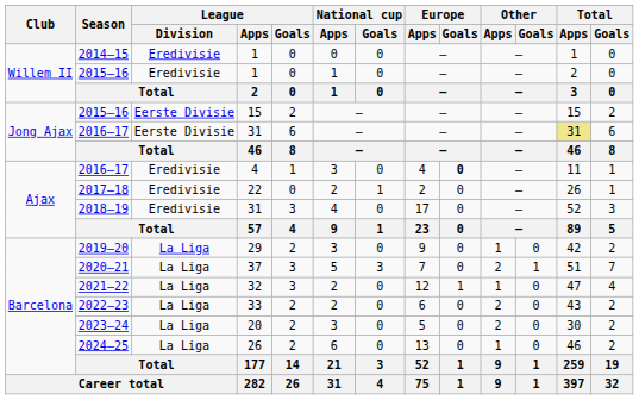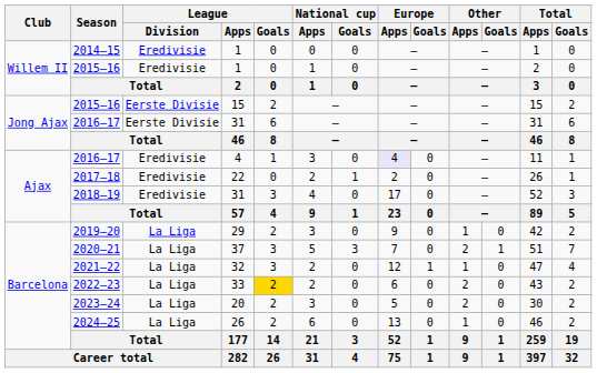 <table class="wikitable" style="text-align:center">
 <tr>
 <th rowspan="2">Club</th>
 <th rowspan="2">Season</th>
 <th colspan="3">League</th>
 <th colspan="2">National cup</th>
 <th colspan="2">Europe</th>
 <th colspan="2">Other</th>
 <th colspan="2">Total</th>
 </tr>
 <tr>
 <th>Division</th>
 <th>Apps</th>
 <th>Goals</th>
 <th>Apps</th>
 <th>Goals</th>
 <th>Apps</th>
 <th>Goals</th>
 <th>Apps</th>
 <th>Goals</th>
 <th>Apps</th>
 <th>Goals</th>
 </tr>
 <tr>
 <td rowspan="3"><a href='#'>Willem II</a></td>
 <td><a href='#'>2014–15</a></td>
 <td><a href='#'>Eredivisie</a></td>
 <td>1</td>
 <td>0</td>
 <td>0</td>
 <td>0</td>
 <td colspan="2">—</td>
 <td colspan="2">—</td>
 <td>1</td>
 <td>0</td>
 </tr>
 <tr>
 <td><a href='#'>2015–16</a></td>
 <td>Eredivisie</td>
 <td>1</td>
 <td>0</td>
 <td>1</td>
 <td>0</td>
 <td colspan="2">—</td>
 <td colspan="2">—</td>
 <td>2</td>
 <td>0</td>
 </tr>
 <tr>
 <th colspan="2">Total</th>
 <th>2</th>
 <th>0</th>
 <th>1</th>
 <th>0</th>
 <th colspan="2">—</th>
 <th colspan="2">—</th>
 <th>3</th>
 <th>0</th>
 </tr>
 <tr>
 <td rowspan="3"><a href='#'>Jong Ajax</a></td>
 <td><a href='#'>2015–16</a></td>
 <td><a href='#'>Eerste Divisie</a></td>
 <td>15</td>
 <td>2</td>
 <td colspan="2">—</td>
 <td colspan="2">—</td>
 <td colspan="2">—</td>
 <td>15</td>
 <td>2</td>
 </tr>
 <tr>
 <td><a href='#'>2016–17</a></td>
 <td>Eerste Divisie</td>
 <td>31</td>
 <td>6</td>
 <td colspan="2">—</td>
 <td colspan="2">—</td>
 <td colspan="2">—</td>
-<td style="background: khaki;">31</td>
+<td>31</td>
 <td>6</td>
 </tr>
 <tr>
 <th colspan="2">Total</th>
 <th>46</th>
 <th>8</th>
 <th colspan="2">—</th>
 <th colspan="2">—</th>
 <th colspan="2">—</th>
 <th>46</th>
 <th>8</th>
 </tr>
 <tr>
 <td rowspan="4"><a href='#'>Ajax</a></td>
 <td><a href='#'>2016–17</a></td>
 <td>Eredivisie</td>
 <td>4</td>
 <td>1</td>
 <td>3</td>
 <td>0</td>
-<td>4</td>
-<td><strong>0</strong></td>
+<td style="background: lavender;">4</td>
+<td>0</td>
 <td colspan="2">—</td>
 <td>11</td>
 <td>1</td>
 </tr>
 <tr>
 <td><a href='#'>2017–18</a></td>
 <td>Eredivisie</td>
 <td>22</td>
 <td>0</td>
 <td>2</td>
 <td>1</td>
 <td>2</td>
 <td>0</td>
 <td colspan="2">—</td>
 <td>26</td>
 <td>1</td>
 </tr>
 <tr>
 <td><a href='#'>2018–19</a></td>
 <td>Eredivisie</td>
 <td>31</td>
 <td>3</td>
 <td>4</td>
 <td>0</td>
 <td>17</td>
 <td>0</td>
 <td colspan="2">—</td>
 <td>52</td>
 <td>3</td>
 </tr>
 <tr>
 <th colspan="2">Total</th>
 <th>57</th>
 <th>4</th>
 <th>9</th>
 <th>1</th>
 <th>23</th>
 <th>0</th>
 <th colspan="2">—</th>
 <th>89</th>
 <th>5</th>
 </tr>
 <tr>
 <td rowspan="7"><a href='#'>Barcelona</a></td>
 <td><a href='#'>2019–20</a></td>
 <td><a href='#'>La Liga</a></td>
 <td>29</td>
 <td>2</td>
 <td>3</td>
 <td>0</td>
 <td>9</td>
 <td>0</td>
 <td>1</td>
 <td>0</td>
 <td>42</td>
 <td>2</td>
 </tr>
 <tr>
 <td><a href='#'>2020–21</a></td>
 <td>La Liga</td>
 <td>37</td>
 <td>3</td>
 <td>5</td>
 <td>3</td>
 <td>7</td>
 <td>0</td>
 <td>2</td>
 <td>1</td>
 <td>51</td>
 <td>7</td>
 </tr>
 <tr>
 <td><a href='#'>2021–22</a></td>
 <td>La Liga</td>
 <td>32</td>
 <td>3</td>
 <td>2</td>
 <td>0</td>
 <td>12</td>
 <td>1</td>
 <td>1</td>
 <td>0</td>
 <td>47</td>
 <td>4</td>
 </tr>
 <tr>
 <td><a href='#'>2022–23</a></td>
 <td>La Liga</td>
 <td>33</td>
-<td>2</td>
+<td style="background: gold;">2</td>
 <td>2</td>
 <td>0</td>
 <td>6</td>
 <td>0</td>
 <td>2</td>
 <td>0</td>
 <td>43</td>
 <td>2</td>
 </tr>
 <tr>
 <td><a href='#'>2023–24</a></td>
 <td>La Liga</td>
 <td>20</td>
 <td>2</td>
 <td>3</td>
 <td>0</td>
 <td>5</td>
 <td>0</td>
 <td>2</td>
 <td>0</td>
 <td>30</td>
 <td>2</td>
 </tr>
 <tr>
 <td><a href='#'>2024–25</a></td>
 <td>La Liga</td>
 <td>26</td>
 <td>2</td>
 <td>6</td>
 <td>0</td>
 <td>13</td>
 <td>0</td>
 <td>1</td>
 <td>0</td>
 <td>46</td>
 <td>2</td>
 </tr>
 <tr>
 <th colspan="2">Total</th>
 <th>177</th>
 <th>14</th>
 <th>21</th>
 <th>3</th>
 <th>52</th>
 <th>1</th>
 <th>9</th>
 <th>1</th>
 <th>259</th>
 <th>19</th>
 </tr>
 <tr>
 <th colspan="3">Career total</th>
 <th>282</th>
 <th>26</th>
 <th>31</th>
 <th>4</th>
 <th>75</th>
 <th>1</th>
 <th>9</th>
 <th>1</th>
 <th>397</th>
 <th>32</th>
 </tr>
 </table>
